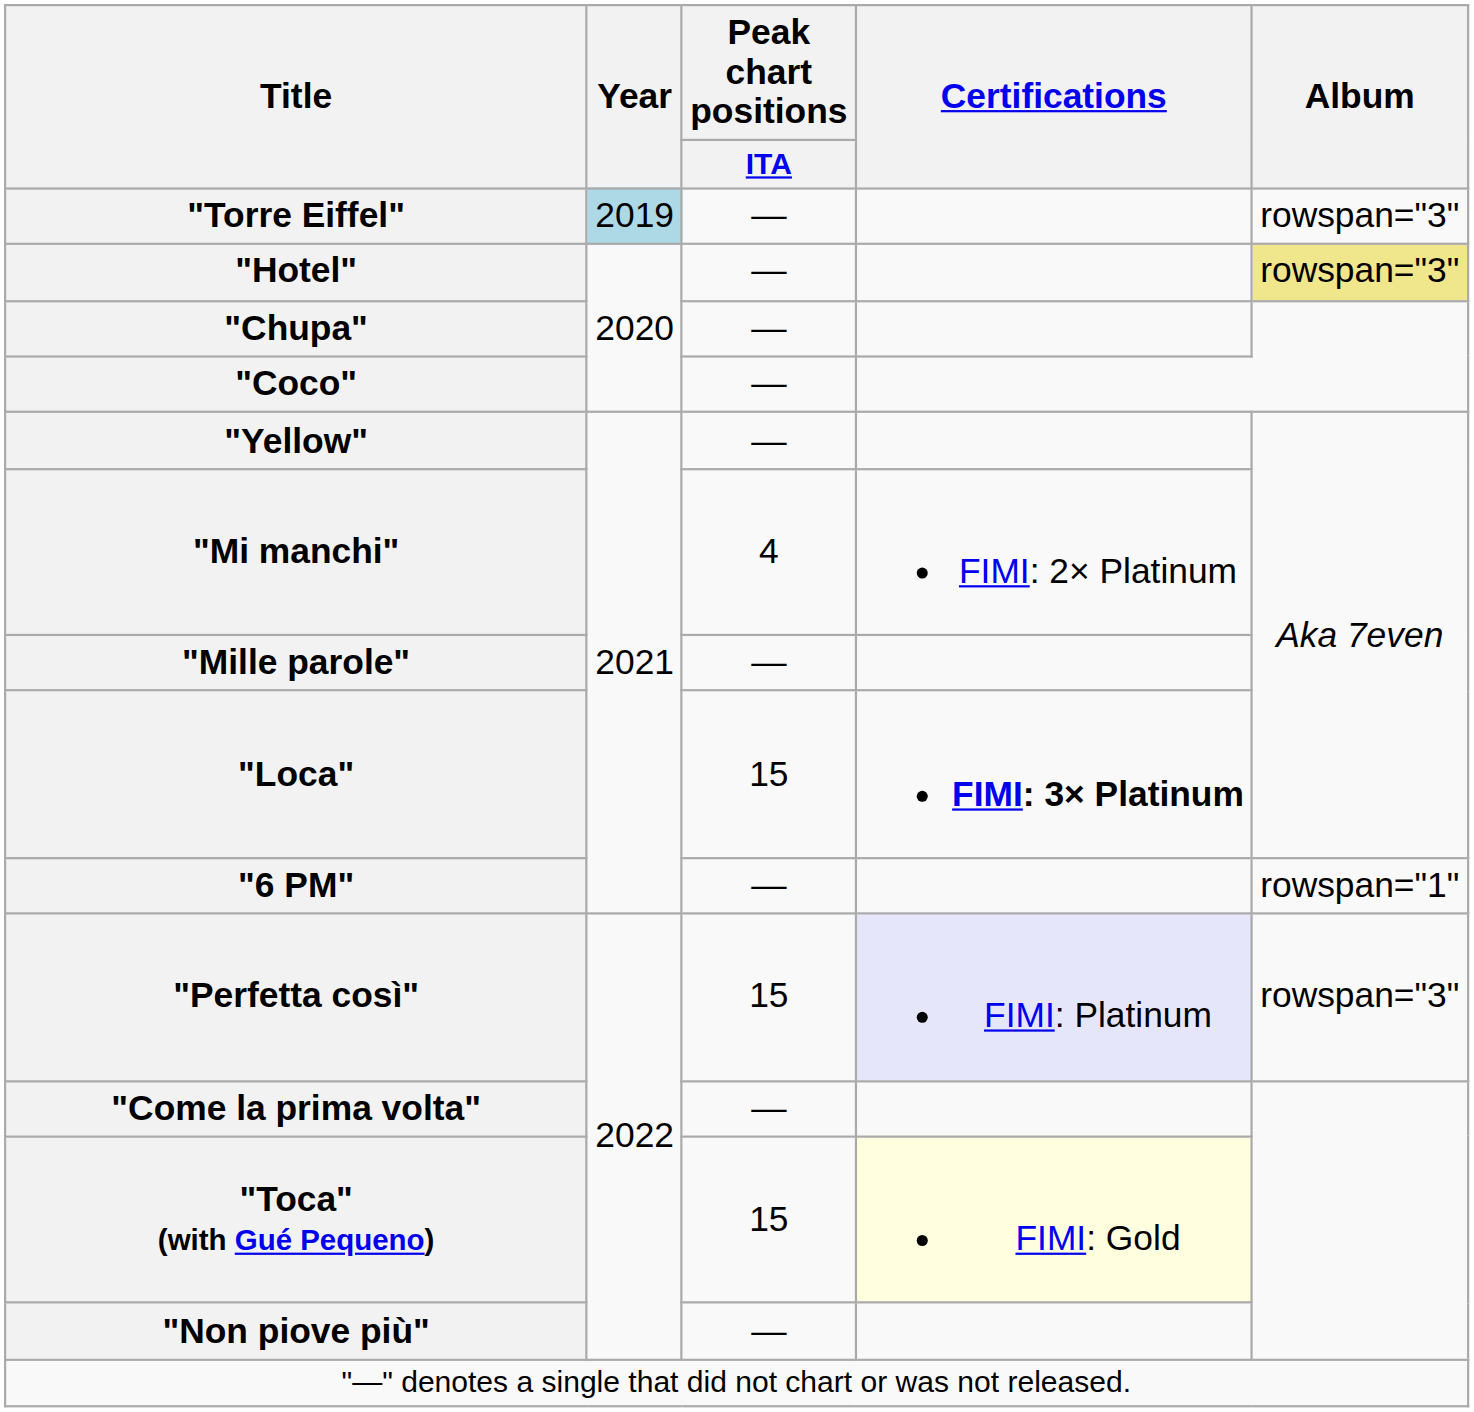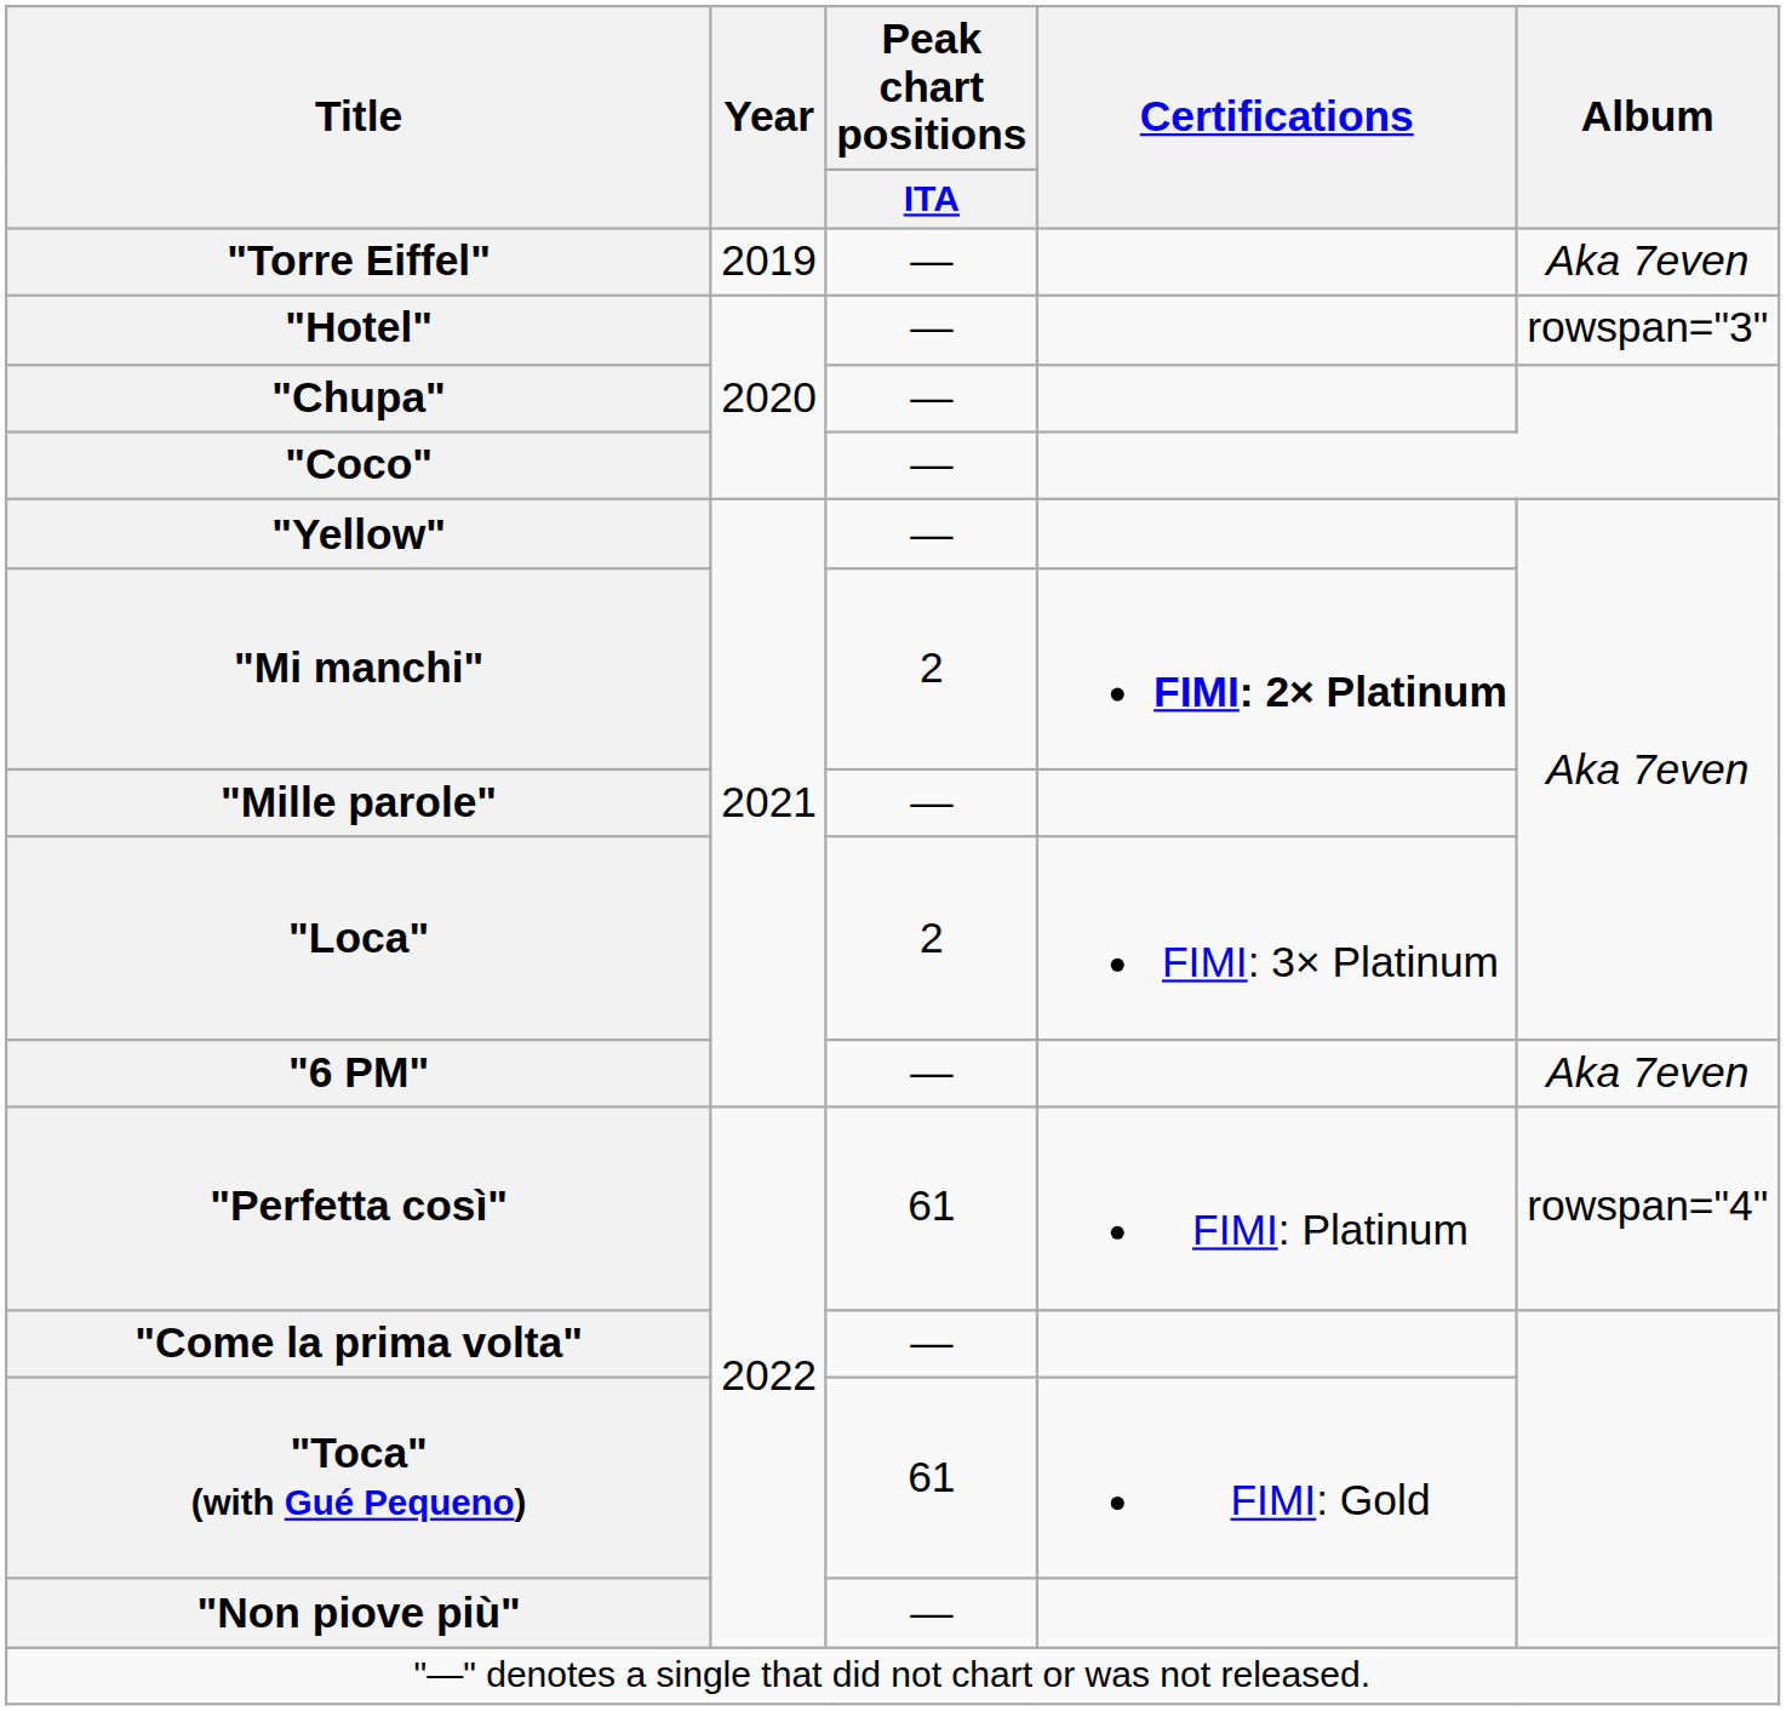 <table class="wikitable plainrowheaders" style="text-align:center;">
 <tr>
 <th scope="col" rowspan="2" style="width:16em;">Title</th>
 <th scope="col" rowspan="2" style="width:1em;">Year</th>
 <th scope="col" colspan="1">Peak chart positions</th>
 <th scope="col" rowspan="2"><a href='#'>Certifications</a></th>
 <th scope="col" rowspan="2">Album</th>
 </tr>
 <tr>
 <th scope="col" style="width:3em;font-size:85%;"><a href='#'>ITA</a><br></th>
 </tr>
 <tr>
 <th scope="row">"Torre Eiffel"</th>
-<td rowspan="1" style="background: lightblue;">2019</td>
+<td rowspan="1">2019</td>
 <td>—</td>
 <td></td>
-<td>rowspan="3" </td>
+<td rowspan="1"><em>Aka 7even</em></td>
 </tr>
 <tr>
 <th scope="row">"Hotel"<br></th>
 <td rowspan="3">2020</td>
 <td>—</td>
 <td></td>
-<td style="background: khaki;">rowspan="3" </td>
+<td>rowspan="3" </td>
 </tr>
 <tr>
 <th scope="row">"Chupa"<br></th>
 <td>—</td>
 <td></td>
 </tr>
 <tr>
 <th scope="row">"Coco"<br></th>
 <td>—</td>
 </tr>
 <tr>
 <th scope="row">"Yellow"</th>
 <td rowspan="5">2021</td>
 <td>—</td>
 <td></td>
 <td rowspan="4"><em>Aka 7even</em></td>
 </tr>
 <tr>
 <th scope="row">"Mi manchi"</th>
-<td>4</td>
-<td><br><ul><li><a href='#'>FIMI</a>: 2× Platinum</li></ul></td>
+<td>2</td>
+<td><strong><br><ul><li><a href='#'>FIMI</a>: 2× Platinum</li></ul></strong></td>
 </tr>
 <tr>
 <th scope="row">"Mille parole"</th>
 <td>—</td>
 <td></td>
 </tr>
 <tr>
 <th scope="row">"Loca"<br></th>
-<td>15</td>
-<td><strong><br><ul><li><a href='#'>FIMI</a>: 3× Platinum</li></ul></strong></td>
+<td>2</td>
+<td><br><ul><li><a href='#'>FIMI</a>: 3× Platinum</li></ul></td>
 </tr>
 <tr>
 <th scope="row">"6 PM"</th>
 <td>—</td>
 <td></td>
-<td>rowspan="1" </td>
+<td rowspan="1"><em>Aka 7even</em></td>
 </tr>
 <tr>
 <th scope="row">"Perfetta così"</th>
 <td rowspan="4">2022</td>
-<td>15</td>
-<td style="background: lavender;"><br><ul><li><a href='#'>FIMI</a>: Platinum</li></ul></td>
-<td>rowspan="3" </td>
+<td>61</td>
+<td><br><ul><li><a href='#'>FIMI</a>: Platinum</li></ul></td>
+<td>rowspan="4" </td>
 </tr>
 <tr>
 <th scope="row">"Come la prima volta"</th>
 <td>—</td>
 <td></td>
 </tr>
 <tr>
 <th scope="row">"Toca" <br><small>(with <a href='#'>Gué Pequeno</a>)</small></th>
-<td>15</td>
-<td style="background: lightyellow;"><br><ul><li><a href='#'>FIMI</a>: Gold</li></ul></td>
+<td>61</td>
+<td><br><ul><li><a href='#'>FIMI</a>: Gold</li></ul></td>
 </tr>
 <tr>
 <th scope="row">"Non piove più"</th>
 <td>—</td>
 <td></td>
 </tr>
 <tr>
 <td colspan="20" style="text-align:center; font-size:85%;">"—" denotes a single that did not chart or was not released.</td>
 </tr>
 </table>
